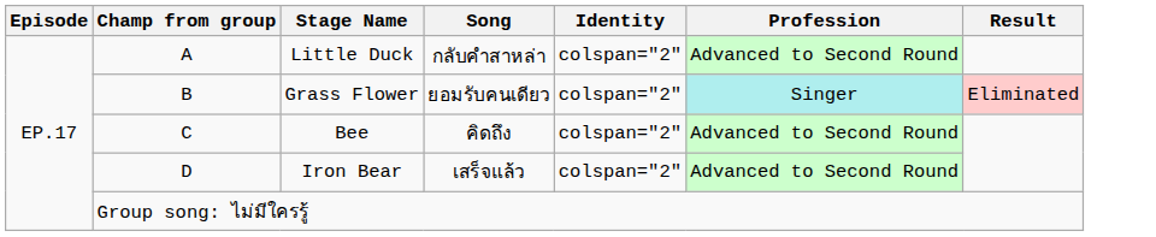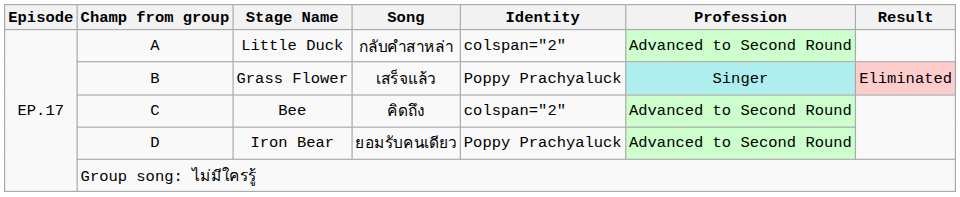 <table class="wikitable">
 <tr>
 <th>Episode</th>
 <th>Champ from group</th>
 <th>Stage Name</th>
 <th>Song</th>
 <th>Identity</th>
 <th>Profession</th>
 <th>Result</th>
 </tr>
 <tr>
 <td rowspan="5" align="center">EP.17</td>
 <td align="center">A</td>
 <td style="text-align:center;">Little Duck</td>
 <td style="text-align:center;">กลับคำสาหล่า</td>
 <td>colspan="2"  </td>
 <td style="text-align:center; background:#ccffcc;">Advanced to Second Round</td>
 </tr>
 <tr>
 <td align="center">B</td>
 <td style="text-align:center;">Grass Flower</td>
-<td style="text-align:center;">ยอมรับคนเดียว</td>
-<td>colspan="2"  </td>
+<td style="text-align:center;">เสร็จแล้ว</td>
+<td style="text-align:center;">Poppy Prachyaluck</td>
 <td style="background: paleturquoise; text-align:center;">Singer</td>
 <td style="text-align:center; background:#ffcccc;">Eliminated</td>
 </tr>
 <tr>
 <td align="center">C</td>
 <td style="text-align:center;">Bee</td>
 <td style="text-align:center;">คิดถึง</td>
 <td>colspan="2"  </td>
 <td style="text-align:center; background:#ccffcc;">Advanced to Second Round</td>
 </tr>
 <tr>
 <td align="center">D</td>
 <td style="text-align:center;">Iron Bear</td>
-<td style="text-align:center;">เสร็จแล้ว</td>
-<td>colspan="2"  </td>
+<td style="text-align:center;">ยอมรับคนเดียว</td>
+<td style="text-align:center;">Poppy Prachyaluck</td>
 <td style="text-align:center; background:#ccffcc;">Advanced to Second Round</td>
 </tr>
 <tr>
 <td colspan="7">Group song: ไม่มีใครรู้</td>
 </tr>
 </table>
